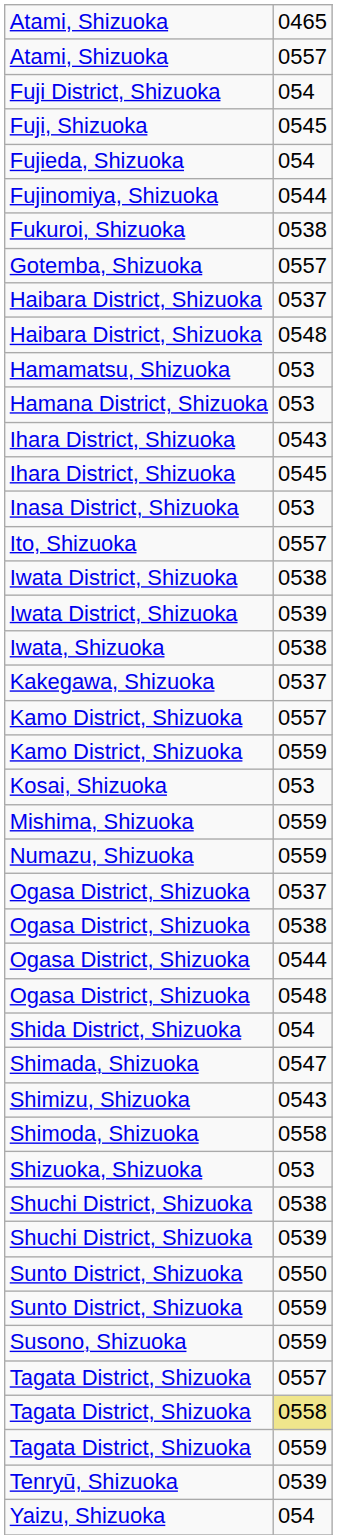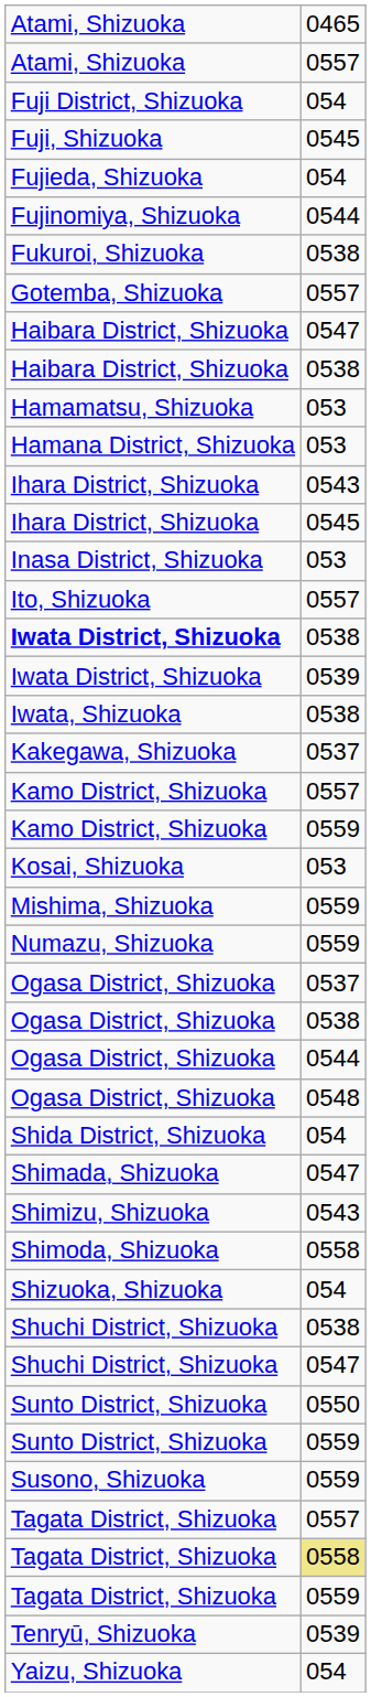 <table class="wikitable">
 <tr>
 <td><a href='#'>Atami, Shizuoka</a></td>
 <td>0465</td>
 </tr>
 <tr>
 <td><a href='#'>Atami, Shizuoka</a></td>
 <td>0557</td>
 </tr>
 <tr>
 <td><a href='#'>Fuji District, Shizuoka</a></td>
 <td>054</td>
 </tr>
 <tr>
 <td><a href='#'>Fuji, Shizuoka</a></td>
 <td>0545</td>
 </tr>
 <tr>
 <td><a href='#'>Fujieda, Shizuoka</a></td>
 <td>054</td>
 </tr>
 <tr>
 <td><a href='#'>Fujinomiya, Shizuoka</a></td>
 <td>0544</td>
 </tr>
 <tr>
 <td><a href='#'>Fukuroi, Shizuoka</a></td>
 <td>0538</td>
 </tr>
 <tr>
 <td><a href='#'>Gotemba, Shizuoka</a></td>
 <td>0557</td>
 </tr>
 <tr>
 <td><a href='#'>Haibara District, Shizuoka</a></td>
-<td>0537</td>
+<td>0547</td>
 </tr>
 <tr>
 <td><a href='#'>Haibara District, Shizuoka</a></td>
-<td>0548</td>
+<td>0538</td>
 </tr>
 <tr>
 <td><a href='#'>Hamamatsu, Shizuoka</a></td>
 <td>053</td>
 </tr>
 <tr>
 <td><a href='#'>Hamana District, Shizuoka</a></td>
 <td>053</td>
 </tr>
 <tr>
 <td><a href='#'>Ihara District, Shizuoka</a></td>
 <td>0543</td>
 </tr>
 <tr>
 <td><a href='#'>Ihara District, Shizuoka</a></td>
 <td>0545</td>
 </tr>
 <tr>
 <td><a href='#'>Inasa District, Shizuoka</a></td>
 <td>053</td>
 </tr>
 <tr>
 <td><a href='#'>Ito, Shizuoka</a></td>
 <td>0557</td>
 </tr>
 <tr>
-<td><a href='#'>Iwata District, Shizuoka</a></td>
+<td><strong><a href='#'>Iwata District, Shizuoka</a></strong></td>
 <td>0538</td>
 </tr>
 <tr>
 <td><a href='#'>Iwata District, Shizuoka</a></td>
 <td>0539</td>
 </tr>
 <tr>
 <td><a href='#'>Iwata, Shizuoka</a></td>
 <td>0538</td>
 </tr>
 <tr>
 <td><a href='#'>Kakegawa, Shizuoka</a></td>
 <td>0537</td>
 </tr>
 <tr>
 <td><a href='#'>Kamo District, Shizuoka</a></td>
 <td>0557</td>
 </tr>
 <tr>
 <td><a href='#'>Kamo District, Shizuoka</a></td>
 <td>0559</td>
 </tr>
 <tr>
 <td><a href='#'>Kosai, Shizuoka</a></td>
 <td>053</td>
 </tr>
 <tr>
 <td><a href='#'>Mishima, Shizuoka</a></td>
 <td>0559</td>
 </tr>
 <tr>
 <td><a href='#'>Numazu, Shizuoka</a></td>
 <td>0559</td>
 </tr>
 <tr>
 <td><a href='#'>Ogasa District, Shizuoka</a></td>
 <td>0537</td>
 </tr>
 <tr>
 <td><a href='#'>Ogasa District, Shizuoka</a></td>
 <td>0538</td>
 </tr>
 <tr>
 <td><a href='#'>Ogasa District, Shizuoka</a></td>
 <td>0544</td>
 </tr>
 <tr>
 <td><a href='#'>Ogasa District, Shizuoka</a></td>
 <td>0548</td>
 </tr>
 <tr>
 <td><a href='#'>Shida District, Shizuoka</a></td>
 <td>054</td>
 </tr>
 <tr>
 <td><a href='#'>Shimada, Shizuoka</a></td>
 <td>0547</td>
 </tr>
 <tr>
 <td><a href='#'>Shimizu, Shizuoka</a></td>
 <td>0543</td>
 </tr>
 <tr>
 <td><a href='#'>Shimoda, Shizuoka</a></td>
 <td>0558</td>
 </tr>
 <tr>
 <td><a href='#'>Shizuoka, Shizuoka</a></td>
-<td>053</td>
+<td>054</td>
 </tr>
 <tr>
 <td><a href='#'>Shuchi District, Shizuoka</a></td>
 <td>0538</td>
 </tr>
 <tr>
 <td><a href='#'>Shuchi District, Shizuoka</a></td>
-<td>0539</td>
+<td>0547</td>
 </tr>
 <tr>
 <td><a href='#'>Sunto District, Shizuoka</a></td>
 <td>0550</td>
 </tr>
 <tr>
 <td><a href='#'>Sunto District, Shizuoka</a></td>
 <td>0559</td>
 </tr>
 <tr>
 <td><a href='#'>Susono, Shizuoka</a></td>
 <td>0559</td>
 </tr>
 <tr>
 <td><a href='#'>Tagata District, Shizuoka</a></td>
 <td>0557</td>
 </tr>
 <tr>
 <td><a href='#'>Tagata District, Shizuoka</a></td>
 <td style="background: khaki;">0558</td>
 </tr>
 <tr>
 <td><a href='#'>Tagata District, Shizuoka</a></td>
 <td>0559</td>
 </tr>
 <tr>
 <td><a href='#'>Tenryū, Shizuoka</a></td>
 <td>0539</td>
 </tr>
 <tr>
 <td><a href='#'>Yaizu, Shizuoka</a></td>
 <td>054</td>
 </tr>
 </table>
